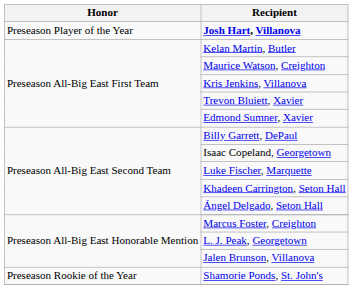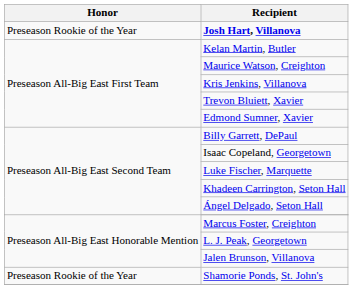 <table class="wikitable" border="1">
 <tr>
 <th>Honor</th>
 <th>Recipient</th>
 </tr>
 <tr>
-<td>Preseason Player of the Year</td>
+<td rowspan=1 valign=middle>Preseason Rookie of the Year</td>
 <td><strong><a href='#'>Josh Hart</a>, <a href='#'>Villanova</a></strong></td>
 </tr>
 <tr>
 <td rowspan=5 valign=middle>Preseason All-Big East First Team</td>
 <td><a href='#'>Kelan Martin</a>, <a href='#'>Butler</a></td>
 </tr>
 <tr>
 <td><a href='#'>Maurice Watson</a>, <a href='#'>Creighton</a></td>
 </tr>
 <tr>
 <td><a href='#'>Kris Jenkins</a>, <a href='#'>Villanova</a></td>
 </tr>
 <tr>
 <td><a href='#'>Trevon Bluiett</a>, <a href='#'>Xavier</a></td>
 </tr>
 <tr>
 <td><a href='#'>Edmond Sumner</a>, <a href='#'>Xavier</a></td>
 </tr>
 <tr>
 <td rowspan=5 valign=middle>Preseason All-Big East Second Team</td>
 <td><a href='#'>Billy Garrett</a>, <a href='#'>DePaul</a></td>
 </tr>
 <tr>
 <td>Isaac Copeland, <a href='#'>Georgetown</a></td>
 </tr>
 <tr>
 <td><a href='#'>Luke Fischer</a>, <a href='#'>Marquette</a></td>
 </tr>
 <tr>
 <td><a href='#'>Khadeen Carrington</a>, <a href='#'>Seton Hall</a></td>
 </tr>
 <tr>
 <td><a href='#'>Ángel Delgado</a>, <a href='#'>Seton Hall</a></td>
 </tr>
 <tr>
 <td rowspan=4 valign=middle>Preseason All-Big East Honorable Mention</td>
 </tr>
 <tr>
 <td><a href='#'>Marcus Foster</a>, <a href='#'>Creighton</a></td>
 </tr>
 <tr>
 <td><a href='#'>L. J. Peak</a>, <a href='#'>Georgetown</a></td>
 </tr>
 <tr>
 <td><a href='#'>Jalen Brunson</a>, <a href='#'>Villanova</a></td>
 </tr>
 <tr>
 <td rowspan=1 valign=middle>Preseason Rookie of the Year</td>
 <td><a href='#'>Shamorie Ponds</a>, <a href='#'>St. John's</a></td>
 </tr>
 <tr>
 </tr>
 </table>
